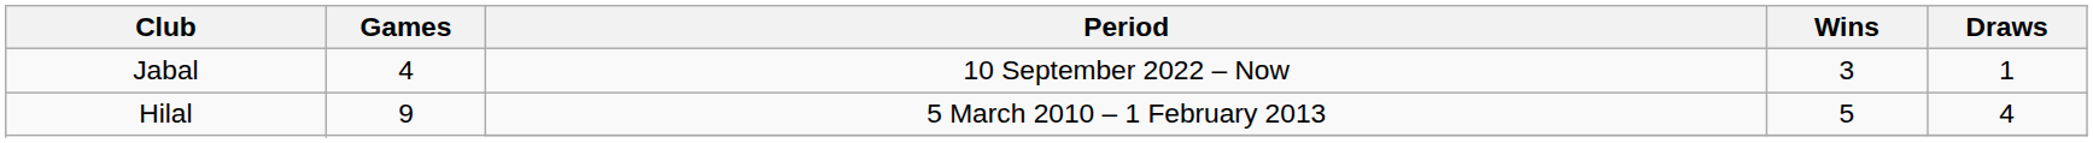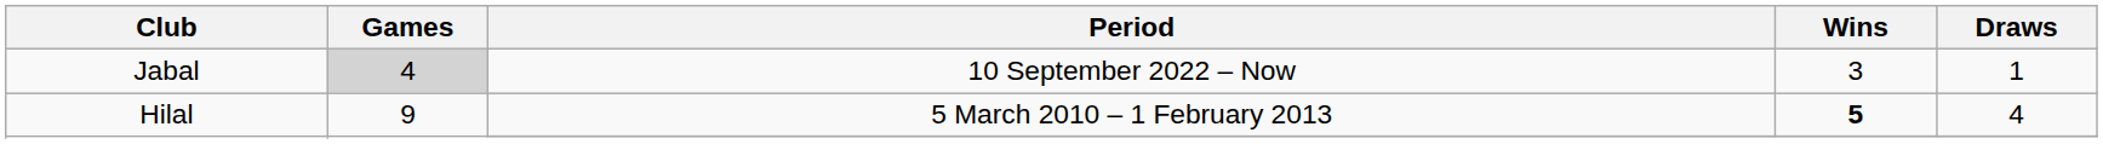 <table class="wikitable" style="text-align: center">
 <tr>
 <th style="width:10%;">Club</th>
 <th style="width:5%;">Games</th>
 <th style="width:40%;">Period</th>
 <th style="width:5%;">Wins</th>
 <th style="width:5%;">Draws</th>
 </tr>
 <tr>
 <td>Jabal</td>
-<td>4</td>
+<td style="background: lightgrey;">4</td>
 <td>10 September 2022 – Now</td>
 <td>3</td>
 <td>1</td>
 </tr>
 <tr>
 <td rowspan="2">Hilal</td>
 <td rowspan=2>9</td>
 <td>5 March 2010 – 1 February 2013</td>
-<td>5</td>
+<td><strong>5</strong></td>
 <td>4</td>
 </tr>
 <tr>
 </tr>
 </table>
